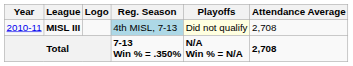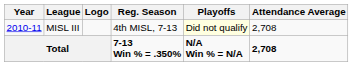 <table class="wikitable">
 <tr>
 <th>Year</th>
 <th>League</th>
 <th>Logo</th>
 <th>Reg. Season</th>
 <th>Playoffs</th>
 <th>Attendance Average</th>
 </tr>
 <tr>
 <td><a href='#'>2010-11</a></td>
-<td><strong>MISL III</strong></td>
+<td>MISL III</td>
 <td></td>
-<td style="background: lightblue;">4th MISL, 7-13</td>
+<td>4th MISL, 7-13</td>
 <td style="background: lightyellow;">Did not qualify</td>
 <td>2,708</td>
 </tr>
 <tr>
 <th align="center" rowSpan="1" colSpan="3">Total</th>
 <td><strong>7-13</strong> <br> <strong>Win % = .350%</strong></td>
 <td><strong>N/A</strong> <br> <strong>Win % = N/A</strong></td>
 <td><strong>2,708</strong></td>
 </tr>
 </table>
